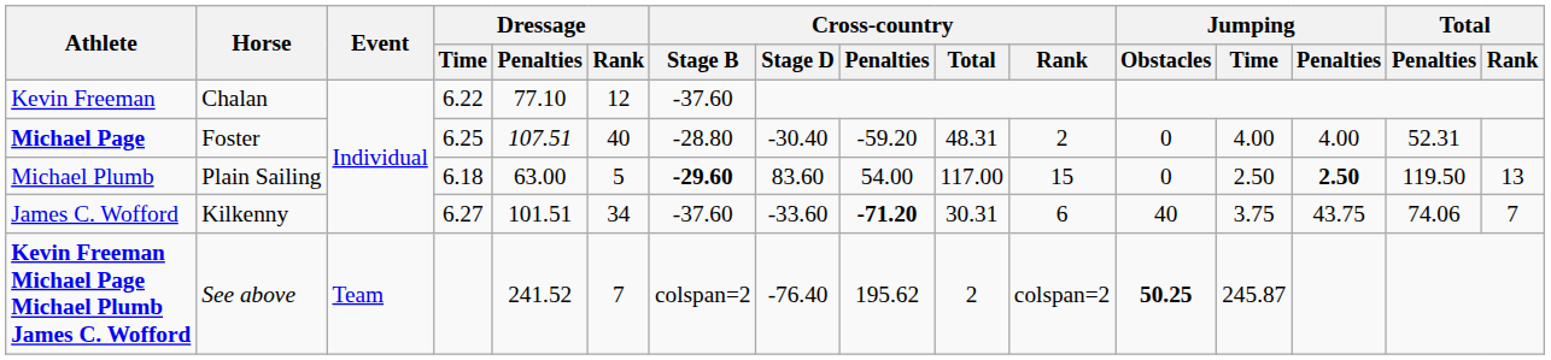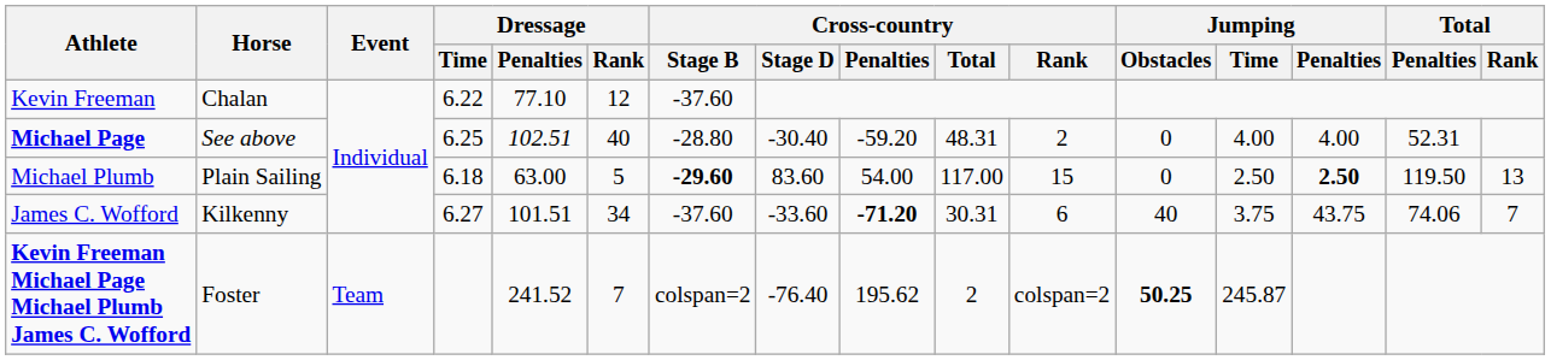 <table class=wikitable style=font-size:90%;text-align:center>
 <tr>
 <th rowspan=2>Athlete</th>
 <th rowspan=2>Horse</th>
 <th rowspan=2>Event</th>
 <th colspan=3>Dressage</th>
 <th colspan=5>Cross-country</th>
 <th colspan=3>Jumping</th>
 <th colspan=2>Total</th>
 </tr>
 <tr style=font-size:95%>
 <th>Time</th>
 <th>Penalties</th>
 <th>Rank</th>
 <th>Stage B</th>
 <th>Stage D</th>
 <th>Penalties</th>
 <th>Total</th>
 <th>Rank</th>
 <th>Obstacles</th>
 <th>Time</th>
 <th>Penalties</th>
 <th>Penalties</th>
 <th>Rank</th>
 </tr>
 <tr>
 <td align=left><a href='#'>Kevin Freeman</a></td>
 <td align=left>Chalan</td>
 <td align=left rowspan=4><a href='#'>Individual</a></td>
 <td>6.22</td>
 <td>77.10</td>
 <td>12</td>
 <td>-37.60</td>
 <td colspan=4></td>
 <td colspan=5></td>
 </tr>
 <tr>
 <td align=left><strong><a href='#'>Michael Page</a></strong></td>
-<td align=left>Foster</td>
+<td align=left><em>See above</em></td>
 <td>6.25</td>
-<td><em>107.51</em></td>
+<td><em>102.51</em></td>
 <td>40</td>
 <td>-28.80</td>
 <td>-30.40</td>
 <td>-59.20</td>
 <td>48.31</td>
 <td>2</td>
 <td>0</td>
 <td>4.00</td>
 <td>4.00</td>
 <td>52.31</td>
 <td></td>
 </tr>
 <tr>
 <td align=left><a href='#'>Michael Plumb</a></td>
 <td align=left>Plain Sailing</td>
 <td>6.18</td>
 <td>63.00</td>
 <td>5</td>
 <td><strong>-29.60</strong></td>
 <td>83.60</td>
 <td>54.00</td>
 <td>117.00</td>
 <td>15</td>
 <td>0</td>
 <td>2.50</td>
 <td><strong>2.50</strong></td>
 <td>119.50</td>
 <td>13</td>
 </tr>
 <tr>
 <td align=left><a href='#'>James C. Wofford</a></td>
 <td align=left>Kilkenny</td>
 <td>6.27</td>
 <td>101.51</td>
 <td>34</td>
 <td>-37.60</td>
 <td>-33.60</td>
 <td><strong>-71.20</strong></td>
 <td>30.31</td>
 <td>6</td>
 <td>40</td>
 <td>3.75</td>
 <td>43.75</td>
 <td>74.06</td>
 <td>7</td>
 </tr>
 <tr>
 <td align=left><strong><a href='#'>Kevin Freeman</a><br><a href='#'>Michael Page</a><br><a href='#'>Michael Plumb</a><br><a href='#'>James C. Wofford</a></strong></td>
-<td align=left><em>See above</em></td>
+<td align=left>Foster</td>
 <td align=left><a href='#'>Team</a></td>
 <td></td>
 <td>241.52</td>
 <td>7</td>
 <td>colspan=2 </td>
 <td>-76.40</td>
 <td>195.62</td>
 <td>2</td>
 <td>colspan=2 </td>
 <td><strong>50.25</strong></td>
 <td>245.87</td>
 <td></td>
 </tr>
 </table>
